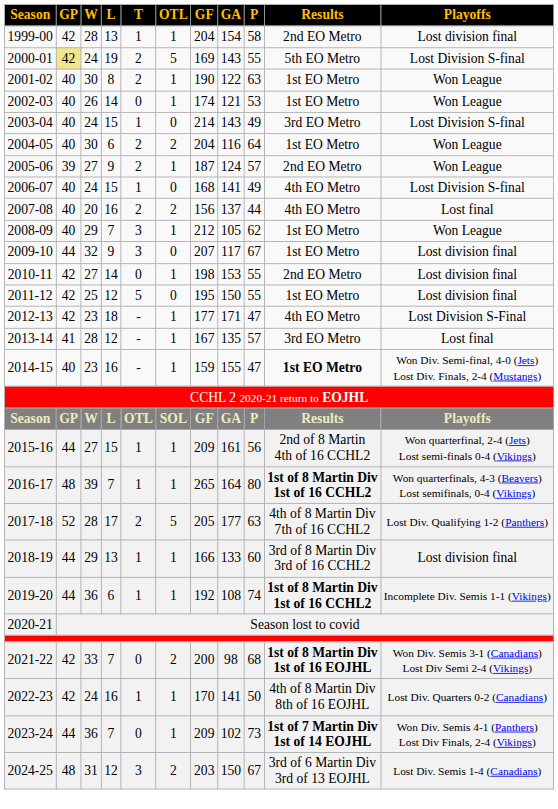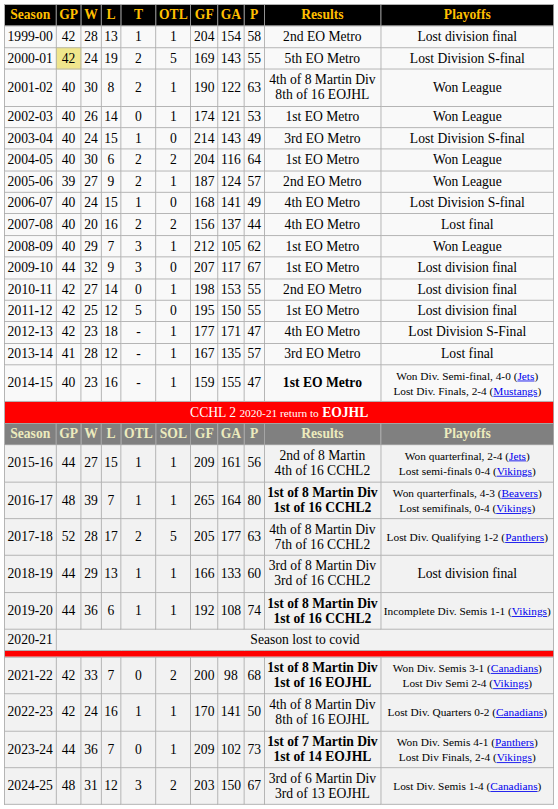 <table class="wikitable">
 <tr align="center" style="color: #FFBF00" bgcolor="#000000">
 <td><strong>Season</strong></td>
 <td><strong>GP</strong></td>
 <td><strong>W</strong></td>
 <td><strong>L</strong></td>
 <td><strong>T</strong></td>
 <td><strong>OTL</strong></td>
 <td><strong>GF</strong></td>
 <td><strong>GA</strong></td>
 <td><strong>P</strong></td>
 <td><strong>Results</strong></td>
 <td><strong>Playoffs</strong></td>
 </tr>
 <tr align="center">
 <td>1999-00</td>
 <td>42</td>
 <td>28</td>
 <td>13</td>
 <td>1</td>
 <td>1</td>
 <td>204</td>
 <td>154</td>
 <td>58</td>
 <td>2nd EO Metro</td>
 <td>Lost division final</td>
 </tr>
 <tr align="center">
 <td>2000-01</td>
 <td style="background: khaki;">42</td>
 <td>24</td>
 <td>19</td>
 <td>2</td>
 <td>5</td>
 <td>169</td>
 <td>143</td>
 <td>55</td>
 <td>5th EO Metro</td>
 <td>Lost Division S-final</td>
 </tr>
 <tr align="center">
 <td>2001-02</td>
 <td>40</td>
 <td>30</td>
 <td>8</td>
 <td>2</td>
 <td>1</td>
 <td>190</td>
 <td>122</td>
 <td>63</td>
-<td>1st EO Metro</td>
+<td>4th of 8 Martin Div<br>8th of 16 EOJHL</td>
 <td>Won League</td>
 </tr>
 <tr align="center">
 <td>2002-03</td>
 <td>40</td>
 <td>26</td>
 <td>14</td>
 <td>0</td>
 <td>1</td>
 <td>174</td>
 <td>121</td>
 <td>53</td>
 <td>1st EO Metro</td>
 <td>Won League</td>
 </tr>
 <tr align="center">
 <td>2003-04</td>
 <td>40</td>
 <td>24</td>
 <td>15</td>
 <td>1</td>
 <td>0</td>
 <td>214</td>
 <td>143</td>
 <td>49</td>
 <td>3rd EO Metro</td>
 <td>Lost Division S-final</td>
 </tr>
 <tr align="center">
 <td>2004-05</td>
 <td>40</td>
 <td>30</td>
 <td>6</td>
 <td>2</td>
 <td>2</td>
 <td>204</td>
 <td>116</td>
 <td>64</td>
 <td>1st EO Metro</td>
 <td>Won League</td>
 </tr>
 <tr align="center">
 <td>2005-06</td>
 <td>39</td>
 <td>27</td>
 <td>9</td>
 <td>2</td>
 <td>1</td>
 <td>187</td>
 <td>124</td>
 <td>57</td>
 <td>2nd EO Metro</td>
 <td>Won League</td>
 </tr>
 <tr align="center">
 <td>2006-07</td>
 <td>40</td>
 <td>24</td>
 <td>15</td>
 <td>1</td>
 <td>0</td>
 <td>168</td>
 <td>141</td>
 <td>49</td>
 <td>4th EO Metro</td>
 <td>Lost Division S-final</td>
 </tr>
 <tr align="center">
 <td>2007-08</td>
 <td>40</td>
 <td>20</td>
 <td>16</td>
 <td>2</td>
 <td>2</td>
 <td>156</td>
 <td>137</td>
 <td>44</td>
 <td>4th EO Metro</td>
 <td>Lost final</td>
 </tr>
 <tr align="center">
 <td>2008-09</td>
 <td>40</td>
 <td>29</td>
 <td>7</td>
 <td>3</td>
 <td>1</td>
 <td>212</td>
 <td>105</td>
 <td>62</td>
 <td>1st EO Metro</td>
 <td>Won League</td>
 </tr>
 <tr align="center">
 <td>2009-10</td>
 <td>44</td>
 <td>32</td>
 <td>9</td>
 <td>3</td>
 <td>0</td>
 <td>207</td>
 <td>117</td>
 <td>67</td>
 <td>1st EO Metro</td>
 <td>Lost division final</td>
 </tr>
 <tr align="center">
 <td>2010-11</td>
 <td>42</td>
 <td>27</td>
 <td>14</td>
 <td>0</td>
 <td>1</td>
 <td>198</td>
 <td>153</td>
 <td>55</td>
 <td>2nd EO Metro</td>
 <td>Lost division final</td>
 </tr>
 <tr align="center">
 <td>2011-12</td>
 <td>42</td>
 <td>25</td>
 <td>12</td>
 <td>5</td>
 <td>0</td>
 <td>195</td>
 <td>150</td>
 <td>55</td>
 <td>1st EO Metro</td>
 <td>Lost division final</td>
 </tr>
 <tr align="center">
 <td>2012-13</td>
 <td>42</td>
 <td>23</td>
 <td>18</td>
 <td>-</td>
 <td>1</td>
 <td>177</td>
 <td>171</td>
 <td>47</td>
 <td>4th EO Metro</td>
 <td>Lost Division S-Final</td>
 </tr>
 <tr align="center">
 <td>2013-14</td>
 <td>41</td>
 <td>28</td>
 <td>12</td>
 <td>-</td>
 <td>1</td>
 <td>167</td>
 <td>135</td>
 <td>57</td>
 <td>3rd EO Metro</td>
 <td>Lost final</td>
 </tr>
 <tr align="center">
 <td>2014-15</td>
 <td>40</td>
 <td>23</td>
 <td>16</td>
 <td>-</td>
 <td>1</td>
 <td>159</td>
 <td>155</td>
 <td>47</td>
 <td><strong>1st EO Metro</strong></td>
 <td><small>Won Div. Semi-final, 4-0 (<a href='#'>Jets</a>)<br>Lost Div. Finals, 2-4 (<a href='#'>Mustangs</a>)</small></td>
 </tr>
 <tr align="center" bgcolor=red style="color: white">
 <td colspan="12">CCHL 2 <small>2020-21 return to</small> <strong>EOJHL</strong></td>
 </tr>
 <tr align="center" style="color: #ECEBBD" bgcolor=grey>
 <td><strong>Season</strong></td>
 <td><strong>GP</strong></td>
 <td><strong>W</strong></td>
 <td><strong>L</strong></td>
 <td><strong>OTL</strong></td>
 <td><strong>SOL</strong></td>
 <td><strong>GF</strong></td>
 <td><strong>GA</strong></td>
 <td><strong>P</strong></td>
 <td><strong>Results</strong></td>
 <td><strong>Playoffs</strong></td>
 </tr>
 <tr align="center" bgcolor="#F2F2F2">
 <td>2015-16</td>
 <td>44</td>
 <td>27</td>
 <td>15</td>
 <td>1</td>
 <td>1</td>
 <td>209</td>
 <td>161</td>
 <td>56</td>
 <td>2nd of 8 Martin<br>4th of 16 CCHL2</td>
 <td><small>Won quarterfinal, 2-4 (<a href='#'>Jets</a>)<br>Lost semi-finals 0-4 (<a href='#'>Vikings</a>)</small></td>
 </tr>
 <tr align="center" bgcolor="#F2F2F2">
 <td>2016-17</td>
 <td>48</td>
 <td>39</td>
 <td>7</td>
 <td>1</td>
 <td>1</td>
 <td>265</td>
 <td>164</td>
 <td>80</td>
 <td><strong>1st of 8 Martin Div<br>1st of 16 CCHL2</strong></td>
 <td><small>Won quarterfinals, 4-3 (<a href='#'>Beavers</a>)<br>Lost semifinals, 0-4 (<a href='#'>Vikings</a>)</small></td>
 </tr>
 <tr align="center" bgcolor="#F2F2F2">
 <td>2017-18</td>
 <td>52</td>
 <td>28</td>
 <td>17</td>
 <td>2</td>
 <td>5</td>
 <td>205</td>
 <td>177</td>
 <td>63</td>
 <td>4th of 8 Martin Div<br>7th of 16 CCHL2</td>
 <td><small>Lost Div. Qualifying 1-2 (<a href='#'>Panthers</a>)</small></td>
 </tr>
 <tr align="center" bgcolor="#F2F2F2">
 <td>2018-19</td>
 <td>44</td>
 <td>29</td>
 <td>13</td>
 <td>1</td>
 <td>1</td>
 <td>166</td>
 <td>133</td>
 <td>60</td>
 <td>3rd of 8 Martin Div<br>3rd of 16 CCHL2</td>
 <td>Lost division final</td>
 </tr>
 <tr align="center" bgcolor="#F2F2F2">
 <td>2019-20</td>
 <td>44</td>
 <td>36</td>
 <td>6</td>
 <td>1</td>
 <td>1</td>
 <td>192</td>
 <td>108</td>
 <td>74</td>
 <td><strong>1st of 8 Martin Div</strong><br><strong>1st of 16 CCHL2</strong></td>
 <td><small>Incomplete Div. Semis 1-1 (<a href='#'>Vikings</a>)</small></td>
 </tr>
 <tr align="center" bgcolor="#F2F2F2">
 <td>2020-21</td>
 <td colspan="10">Season lost to covid</td>
 </tr>
 <tr align="center" bgcolor=red style="color: white">
 <td colspan="12"></td>
 </tr>
 <tr align="center" bgcolor="#F2F2F2">
 <td>2021-22</td>
 <td>42</td>
 <td>33</td>
 <td>7</td>
 <td>0</td>
 <td>2</td>
 <td>200</td>
 <td>98</td>
 <td>68</td>
 <td><strong>1st of 8 Martin Div</strong><br><strong>1st of 16 EOJHL</strong></td>
 <td><small>Won Div. Semis 3-1 (<a href='#'>Canadians</a>)<br>Lost Div Semi 2-4 (<a href='#'>Vikings</a>)</small></td>
 </tr>
 <tr align="center" bgcolor="#F2F2F2">
 <td>2022-23</td>
 <td>42</td>
 <td>24</td>
 <td>16</td>
 <td>1</td>
 <td>1</td>
 <td>170</td>
 <td>141</td>
 <td>50</td>
 <td>4th of 8 Martin Div<br>8th of 16 EOJHL</td>
 <td><small>Lost Div. Quarters 0-2 (<a href='#'>Canadians</a>)</small></td>
 </tr>
 <tr align="center" bgcolor="#F2F2F2">
 <td>2023-24</td>
 <td>44</td>
 <td>36</td>
 <td>7</td>
 <td>0</td>
 <td>1</td>
 <td>209</td>
 <td>102</td>
 <td>73</td>
 <td><strong>1st of 7 Martin Div</strong><br><strong>1st of 14 EOJHL</strong></td>
 <td><small>Won Div. Semis 4-1 (<a href='#'>Panthers</a>)<br>Lost Div Finals, 2-4 (<a href='#'>Vikings</a>)</small></td>
 </tr>
 <tr align="center" bgcolor="#F2F2F2">
 <td>2024-25</td>
 <td>48</td>
 <td>31</td>
 <td>12</td>
 <td>3</td>
 <td>2</td>
 <td>203</td>
 <td>150</td>
 <td>67</td>
 <td>3rd of 6 Martin Div<br>3rd of 13 EOJHL</td>
 <td><small>Lost Div. Semis 1-4 (<a href='#'>Canadians</a>)</small></td>
 </tr>
 </table>
